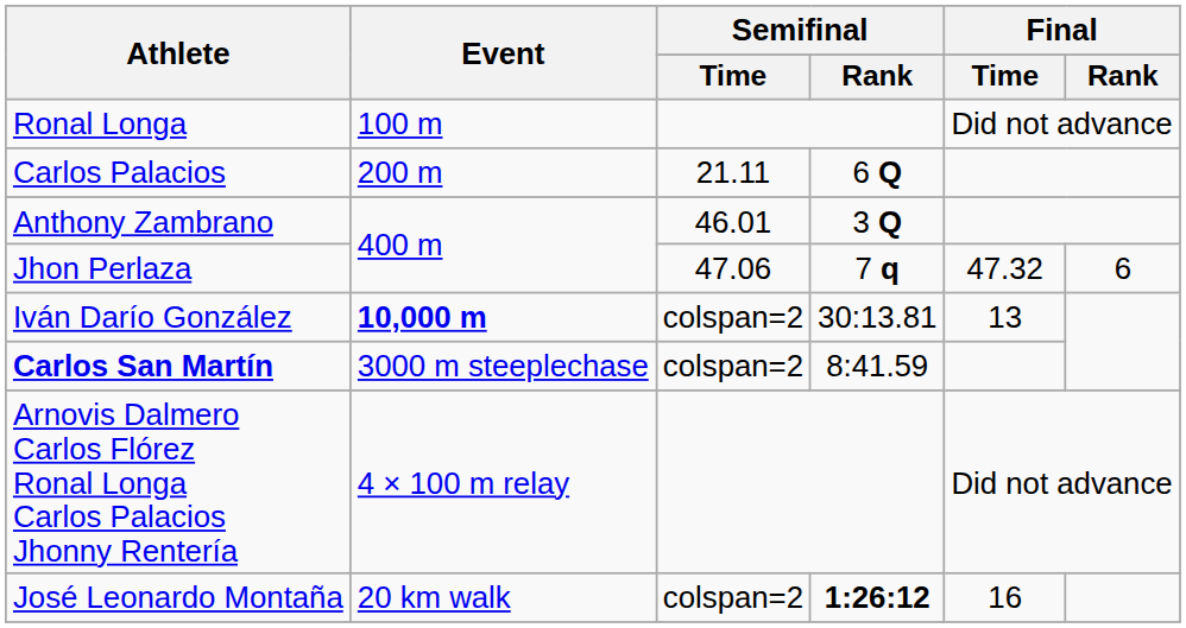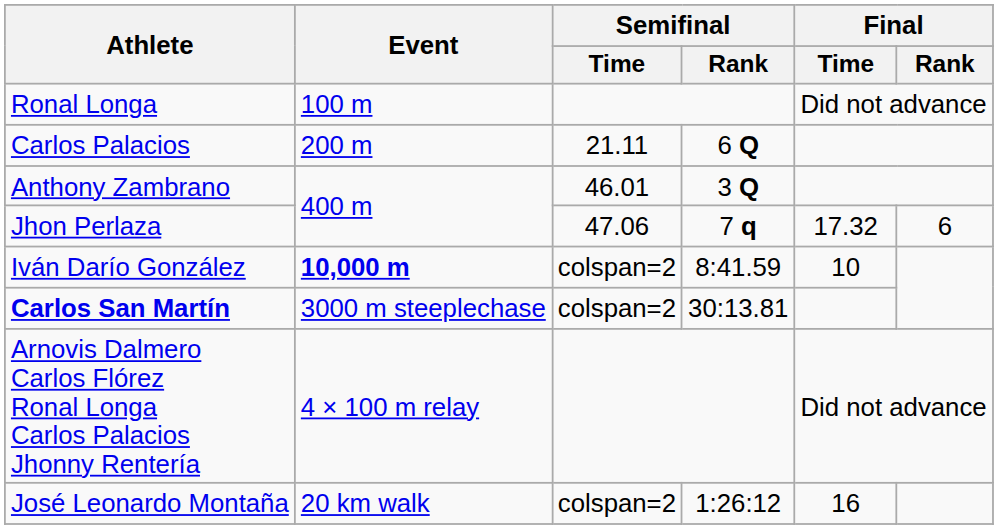 <table class=wikitable style=font-size:90%;text-align:center>
 <tr>
 <th rowspan=2>Athlete</th>
 <th rowspan=2>Event</th>
 <th colspan=2>Semifinal</th>
 <th colspan=2>Final</th>
 </tr>
 <tr style=font-size:95%>
 <th>Time</th>
 <th>Rank</th>
 <th>Time</th>
 <th>Rank</th>
 </tr>
 <tr align=center>
 <td align=left><a href='#'>Ronal Longa</a></td>
 <td align=left><a href='#'>100 m</a></td>
 <td colspan=2></td>
 <td colspan=2>Did not advance</td>
 </tr>
 <tr align=center>
 <td align=left><a href='#'>Carlos Palacios</a></td>
 <td align=left><a href='#'>200 m</a></td>
 <td>21.11</td>
 <td>6 <strong>Q</strong></td>
 <td colspan=2></td>
 </tr>
 <tr align=center>
 <td align=left><a href='#'>Anthony Zambrano</a></td>
 <td align=left rowspan=2><a href='#'>400 m</a></td>
 <td>46.01</td>
 <td>3 <strong>Q</strong></td>
 <td colspan=2></td>
 </tr>
 <tr align=center>
 <td align=left><a href='#'>Jhon Perlaza</a></td>
 <td>47.06</td>
 <td>7 <strong>q</strong></td>
-<td>47.32</td>
+<td>17.32</td>
 <td>6</td>
 </tr>
 <tr align=center>
 <td align=left><a href='#'>Iván Darío González</a></td>
 <td align=left><strong><a href='#'>10,000 m</a></strong></td>
 <td>colspan=2 </td>
-<td>30:13.81</td>
-<td>13</td>
+<td>8:41.59</td>
+<td>10</td>
 </tr>
 <tr align=center>
 <td align=left><strong><a href='#'>Carlos San Martín</a></strong></td>
 <td align=left><a href='#'>3000 m steeplechase</a></td>
 <td>colspan=2 </td>
-<td>8:41.59</td>
+<td>30:13.81</td>
 <td></td>
 </tr>
 <tr align=center>
 <td align=left><a href='#'>Arnovis Dalmero</a><br><a href='#'>Carlos Flórez</a><br><a href='#'>Ronal Longa</a><br><a href='#'>Carlos Palacios</a><br><a href='#'>Jhonny Rentería</a></td>
 <td align=left><a href='#'>4 × 100 m relay</a></td>
 <td colspan=2></td>
 <td colspan=2>Did not advance</td>
 </tr>
 <tr align=center>
 <td align=left><a href='#'>José Leonardo Montaña</a></td>
 <td align=left rowspan=2><a href='#'>20 km walk</a></td>
 <td>colspan=2 </td>
-<td><strong>1:26:12</strong></td>
+<td>1:26:12</td>
 <td>16</td>
 </tr>
 </table>
